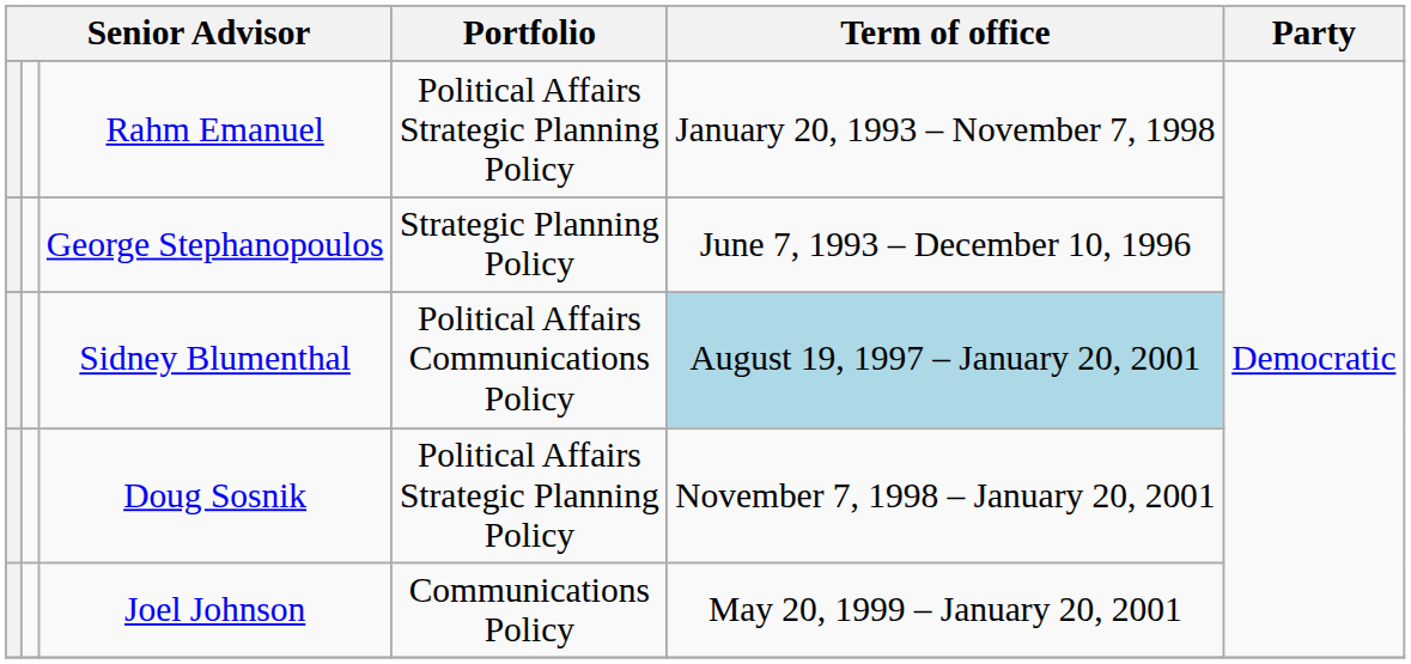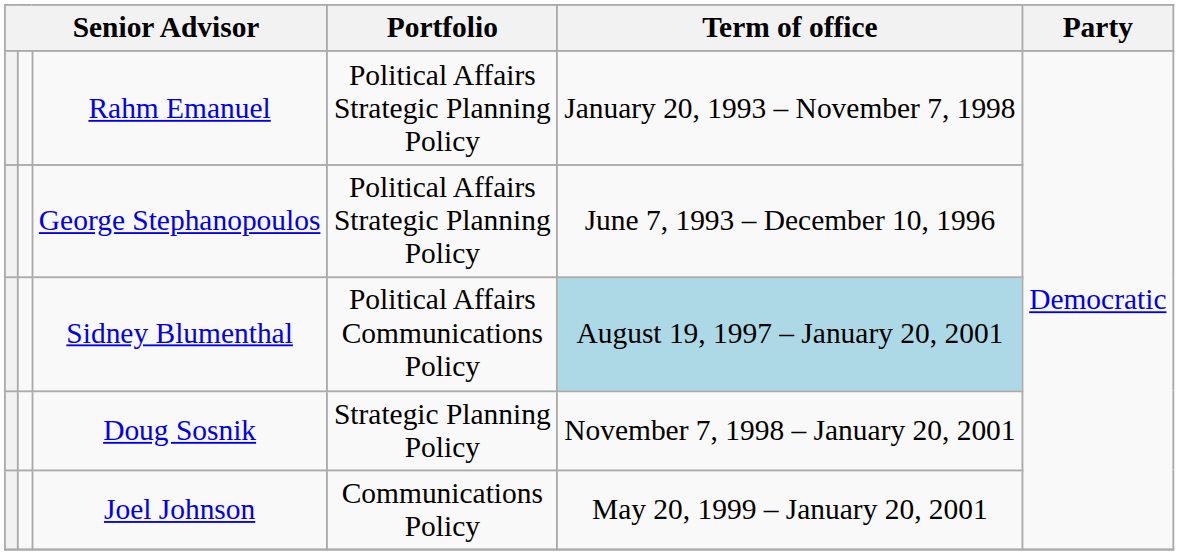 <table class="wikitable" style="text-align:center">
 <tr>
 <th colspan="3">Senior Advisor</th>
 <th>Portfolio</th>
 <th>Term of office</th>
 <th>Party</th>
 </tr>
 <tr>
 <th style="background:"></th>
 <td></td>
 <td><a href='#'>Rahm Emanuel</a><br></td>
 <td>Political Affairs<br>Strategic Planning<br>Policy</td>
 <td>January 20, 1993 – November 7, 1998</td>
 <td rowspan="5"><a href='#'>Democratic</a></td>
 </tr>
 <tr>
 <th style="background:"></th>
 <td></td>
 <td><a href='#'>George Stephanopoulos</a><br></td>
-<td>Strategic Planning<br>Policy</td>
+<td>Political Affairs<br>Strategic Planning<br>Policy</td>
 <td>June 7, 1993 – December 10, 1996</td>
 </tr>
 <tr>
 <th style="background:"></th>
 <td></td>
 <td><a href='#'>Sidney Blumenthal</a><br></td>
 <td>Political Affairs<br>Communications<br>Policy</td>
 <td style="background: lightblue;">August 19, 1997 – January 20, 2001</td>
 </tr>
 <tr>
 <th style="background:"></th>
 <td></td>
 <td><a href='#'>Doug Sosnik</a><br></td>
-<td>Political Affairs<br>Strategic Planning<br>Policy</td>
+<td>Strategic Planning<br>Policy</td>
 <td>November 7, 1998 – January 20, 2001</td>
 </tr>
 <tr>
 <th style="background:"></th>
 <td></td>
 <td><a href='#'>Joel Johnson</a><br></td>
 <td>Communications<br>Policy</td>
 <td>May 20, 1999 – January 20, 2001</td>
 </tr>
 <tr>
 </tr>
 </table>
